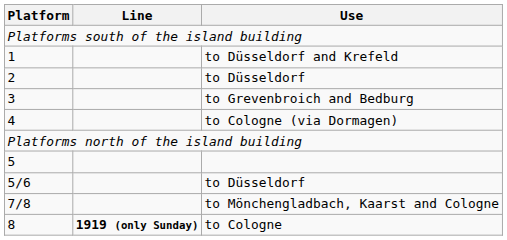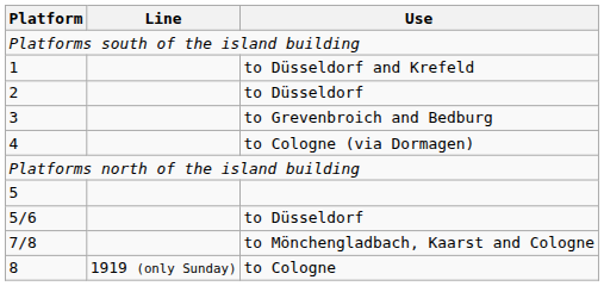 <table class="wikitable">
 <tr>
 <th>Platform</th>
 <th>Line</th>
 <th>Use</th>
 </tr>
 <tr>
 <td colspan="4"><em>Platforms south of the island building</em></td>
 </tr>
 <tr>
 <td>1</td>
 <td> </td>
 <td>to Düsseldorf and Krefeld</td>
 </tr>
 <tr>
 <td>2</td>
 <td></td>
 <td>to Düsseldorf</td>
 </tr>
 <tr>
 <td>3</td>
 <td></td>
 <td>to Grevenbroich and Bedburg</td>
 </tr>
 <tr>
 <td>4</td>
 <td> </td>
 <td>to Cologne (via Dormagen)</td>
 </tr>
 <tr>
 <td colspan="4"><em>Platforms north of the island building</em></td>
 </tr>
 <tr>
 <td>5</td>
 <td></td>
 </tr>
 <tr>
 <td>5/6</td>
 <td>    </td>
 <td>to Düsseldorf</td>
 </tr>
 <tr>
 <td>7/8</td>
 <td>    </td>
 <td>to Mönchengladbach, Kaarst and Cologne</td>
 </tr>
 <tr>
 <td>8</td>
-<td><strong> 1919 <small>(only Sunday)</small></strong></td>
+<td> 1919 <small>(only Sunday)</small></td>
 <td>to Cologne</td>
 </tr>
 </table>
